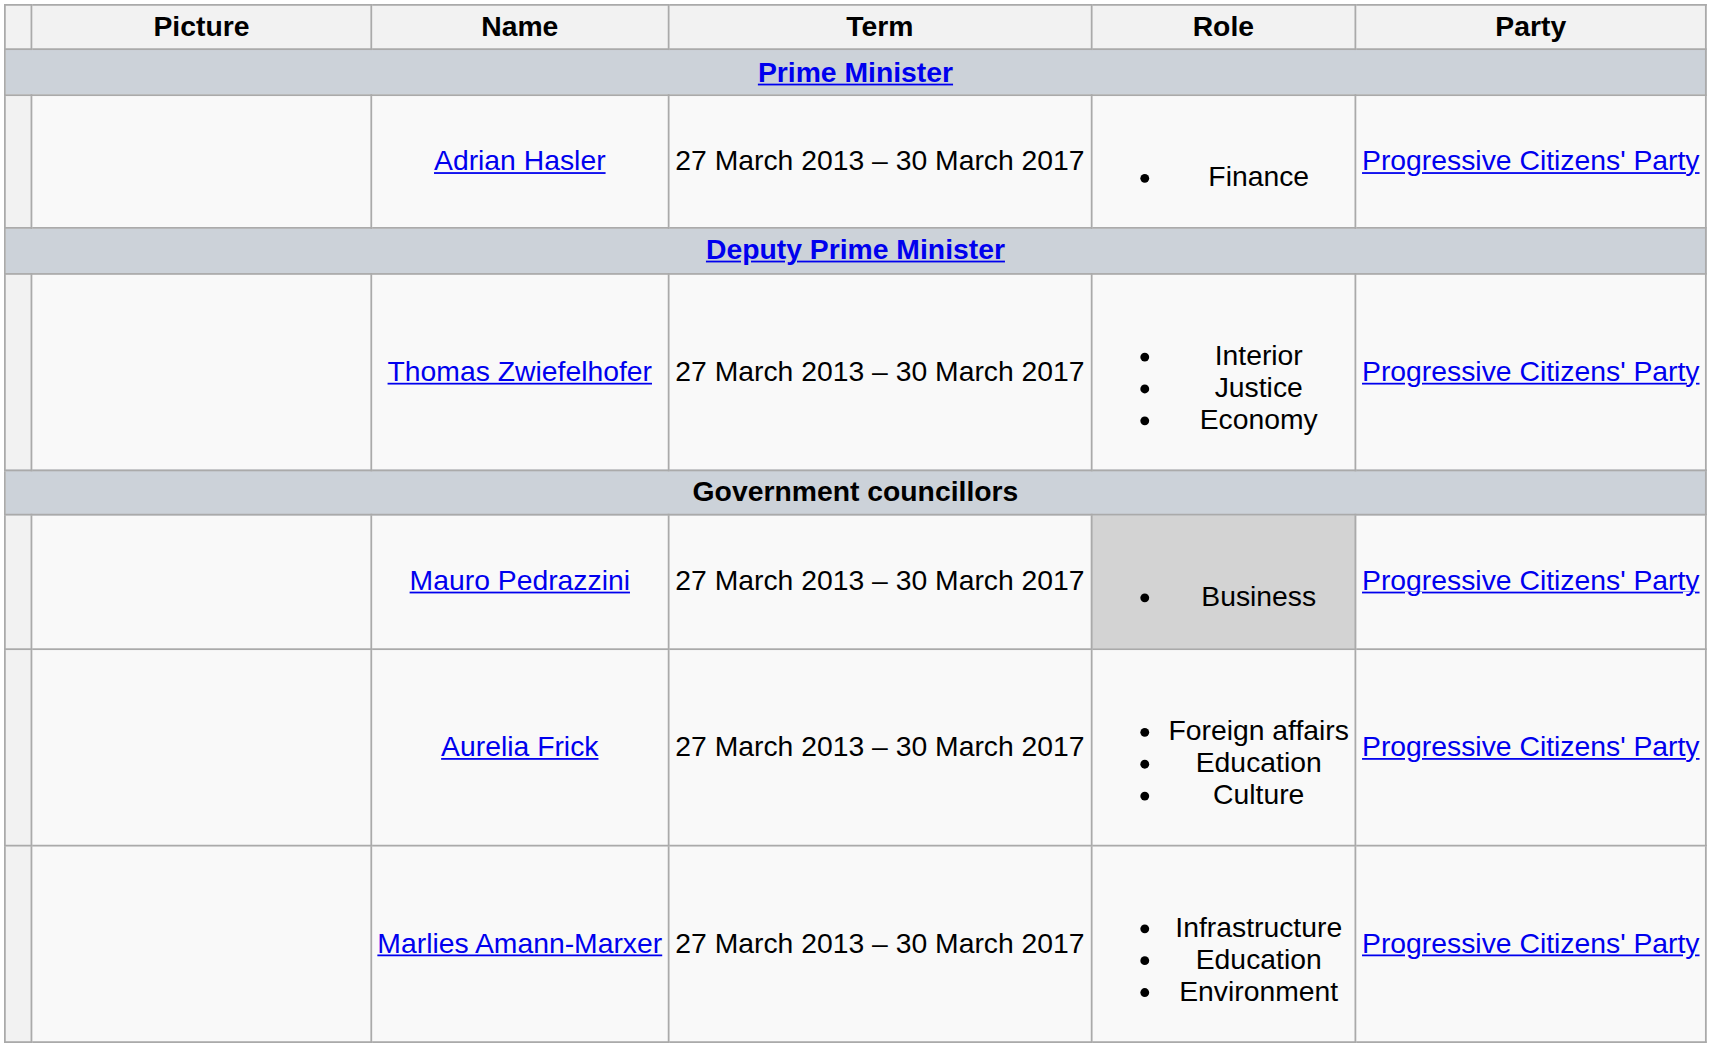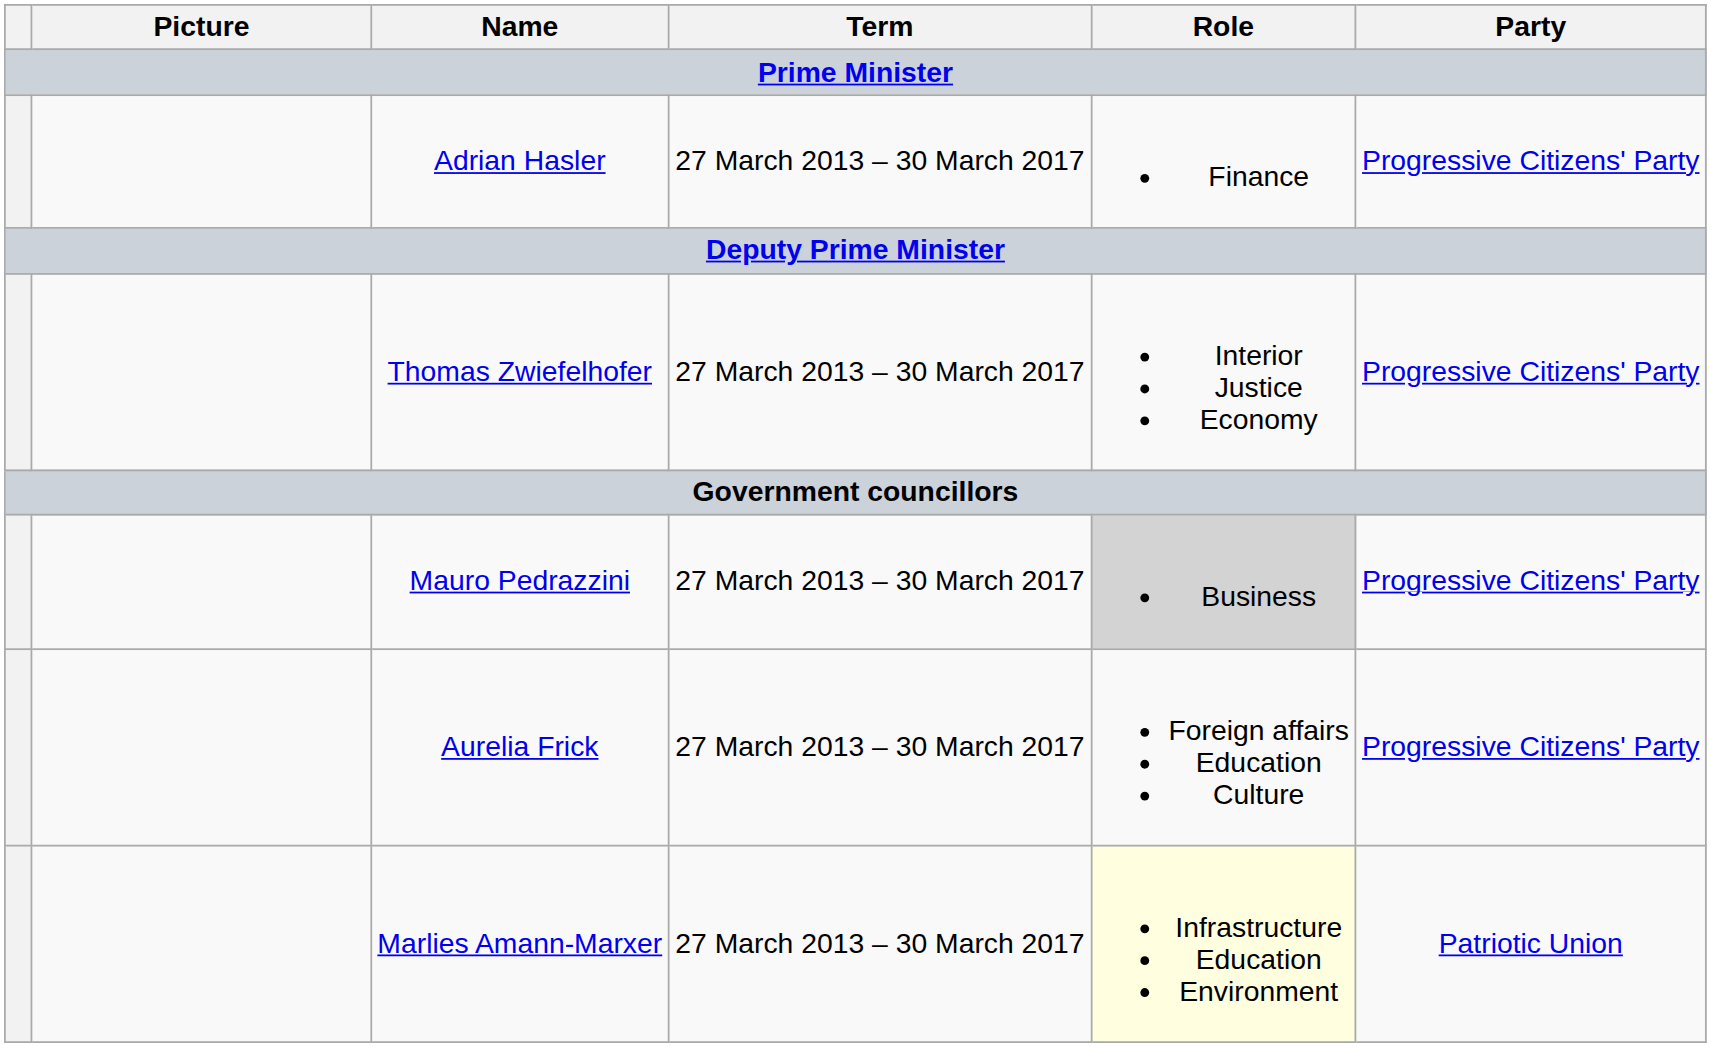 <table class="wikitable" style="text-align:center">
 <tr>
 <th style="width: 0.5em"></th>
 <th style="width: 11.5em">Picture</th>
 <th>Name</th>
 <th>Term</th>
 <th>Role</th>
 <th>Party</th>
 </tr>
 <tr>
 <th colspan="7" style="background:#CCD2D9"><a href='#'>Prime Minister</a></th>
 </tr>
 <tr>
 <th style="background:"></th>
 <td></td>
 <td><a href='#'>Adrian Hasler</a></td>
 <td style="text-align:left">27 March 2013 – 30 March 2017</td>
 <td><br><ul><li>Finance</li></ul></td>
 <td><a href='#'>Progressive Citizens' Party</a></td>
 </tr>
 <tr>
 <th colspan="7" style="background:#CCD2D9"><a href='#'>Deputy Prime Minister</a></th>
 </tr>
 <tr>
 <th style="background:"></th>
 <td></td>
 <td><a href='#'>Thomas Zwiefelhofer</a></td>
 <td style="text-align:left">27 March 2013 – 30 March 2017</td>
 <td><br><ul><li>Interior</li><li>Justice</li><li>Economy</li></ul></td>
 <td><a href='#'>Progressive Citizens' Party</a></td>
 </tr>
 <tr>
 <th colspan="7" style="background:#CCD2D9">Government councillors</th>
 </tr>
 <tr>
 <th style="background:"></th>
 <td></td>
 <td><a href='#'>Mauro Pedrazzini</a></td>
 <td style="text-align:left">27 March 2013 – 30 March 2017</td>
 <td style="background: lightgrey;"><br><ul><li>Business</li></ul></td>
 <td><a href='#'>Progressive Citizens' Party</a></td>
 </tr>
 <tr>
 <th style="background:"></th>
 <td></td>
 <td><a href='#'>Aurelia Frick</a></td>
 <td>27 March 2013 – 30 March 2017</td>
 <td><br><ul><li>Foreign affairs</li><li>Education</li><li>Culture</li></ul></td>
 <td><a href='#'>Progressive Citizens' Party</a></td>
 </tr>
 <tr>
 <th style="background:"></th>
 <td></td>
 <td><a href='#'>Marlies Amann-Marxer</a></td>
 <td>27 March 2013 – 30 March 2017</td>
-<td><br><ul><li>Infrastructure</li><li>Education</li><li>Environment</li></ul></td>
-<td><a href='#'>Progressive Citizens' Party</a></td>
+<td style="background: lightyellow;"><br><ul><li>Infrastructure</li><li>Education</li><li>Environment</li></ul></td>
+<td><a href='#'>Patriotic Union</a></td>
 </tr>
 </table>
